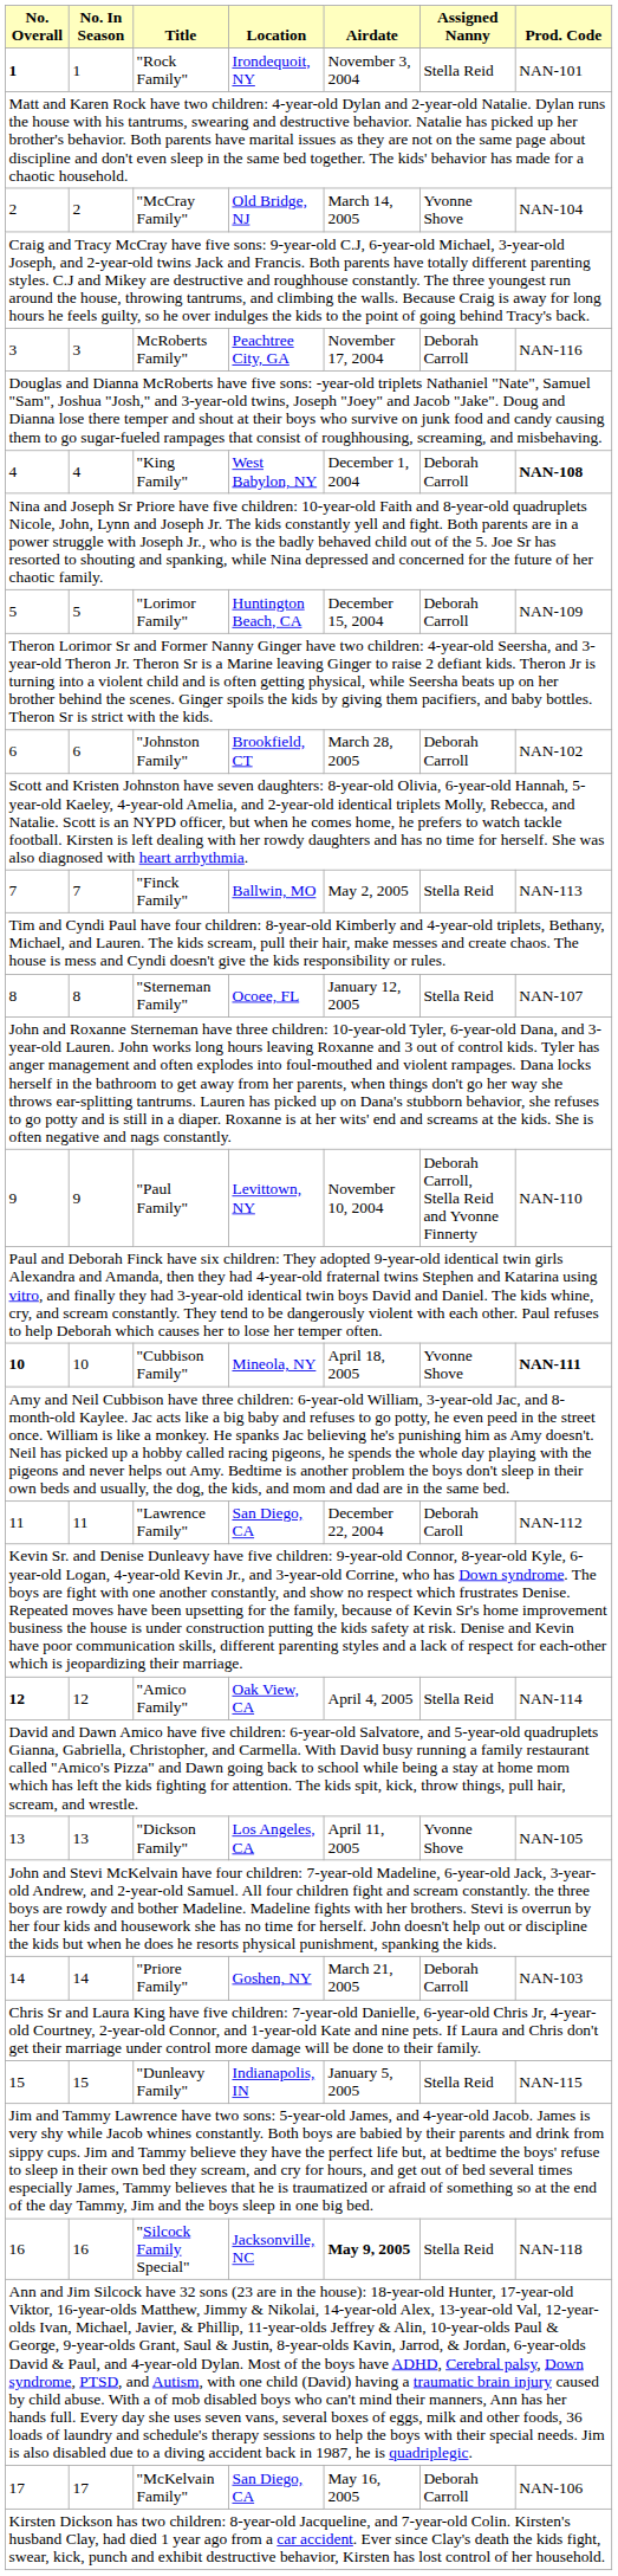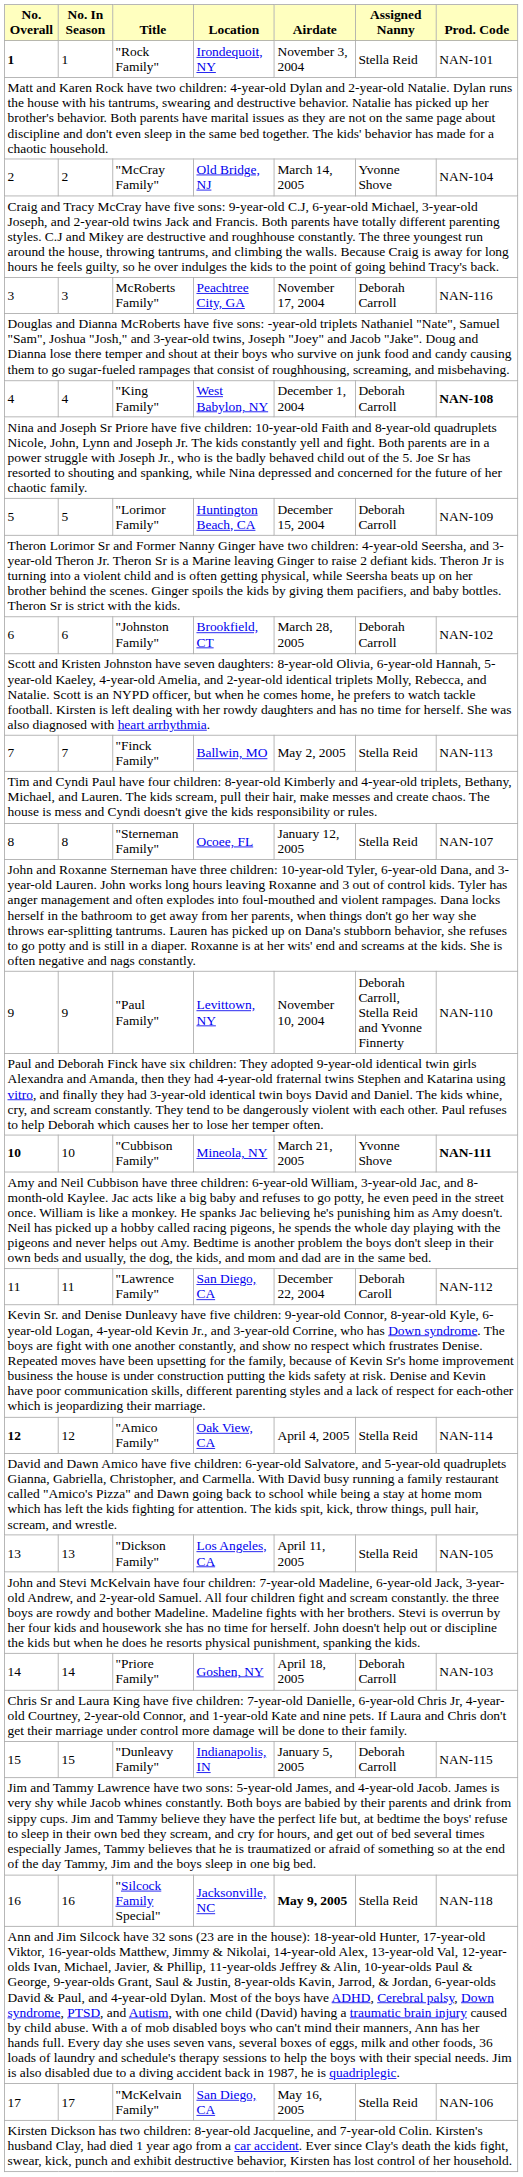 <table class="wikitable plainrowheaders" style="background: #FFFFFF; width:98%">
 <tr>
 <th style="vertical-align: bottom; background: #FFFFBF; width: 10%;">No. Overall</th>
 <th style="vertical-align: bottom; background: #FFFFBF; width: 10%;">No. In Season</th>
 <th style="vertical-align: bottom; background: #FFFFBF; width: 15%;">Title</th>
 <th style="vertical-align: bottom; background: #FFFFBF; width: 15%;">Location</th>
 <th style="vertical-align: bottom; background: #FFFFBF; width: 15%;">Airdate</th>
 <th style="vertical-align: bottom; background: #FFFFBF; width: 15%;">Assigned Nanny</th>
 <th style="vertical-align: bottom; background: #FFFFBF; width: 15%;">Prod. Code</th>
 </tr>
 <tr>
 <td><strong>1</strong></td>
 <td>1</td>
 <td>"Rock Family"</td>
 <td><a href='#'>Irondequoit, NY</a></td>
 <td>November 3, 2004</td>
 <td>Stella Reid</td>
 <td>NAN-101</td>
 </tr>
 <tr>
 <td colspan="7">Matt and Karen Rock have two children: 4-year-old Dylan and 2-year-old Natalie. Dylan runs the house with his tantrums, swearing and destructive behavior. Natalie has picked up her brother's behavior. Both parents have marital issues as they are not on the same page about discipline and don't even sleep in the same bed together. The kids' behavior has made for a chaotic household.</td>
 </tr>
 <tr>
 <td>2</td>
 <td>2</td>
 <td>"McCray Family"</td>
 <td><a href='#'>Old Bridge, NJ</a></td>
 <td>March 14, 2005</td>
 <td>Yvonne Shove</td>
 <td>NAN-104</td>
 </tr>
 <tr>
 <td colspan="7">Craig and Tracy McCray have five sons: 9-year-old C.J, 6-year-old Michael, 3-year-old Joseph, and 2-year-old twins Jack and Francis. Both parents have totally different parenting styles. C.J and Mikey are destructive and roughhouse constantly. The three youngest run around the house, throwing tantrums, and climbing the walls. Because Craig is away for long hours he feels guilty, so he over indulges the kids to the point of going behind Tracy's back.</td>
 </tr>
 <tr>
 <td>3</td>
 <td>3</td>
 <td>McRoberts Family"</td>
 <td><a href='#'>Peachtree City, GA</a></td>
 <td>November 17, 2004</td>
 <td>Deborah Carroll</td>
 <td>NAN-116</td>
 </tr>
 <tr>
 <td colspan="7">Douglas and Dianna McRoberts have five sons: -year-old triplets Nathaniel "Nate", Samuel "Sam", Joshua "Josh," and 3-year-old twins, Joseph "Joey" and Jacob "Jake". Doug and Dianna lose there temper and shout at their boys who survive on junk food and candy causing them to go sugar-fueled rampages that consist of roughhousing, screaming, and misbehaving.</td>
 </tr>
 <tr>
 <td>4</td>
 <td>4</td>
 <td>"King Family"</td>
 <td><a href='#'>West Babylon, NY</a></td>
 <td>December 1, 2004</td>
 <td>Deborah Carroll</td>
 <td><strong>NAN-108</strong></td>
 </tr>
 <tr>
 <td colspan="7">Nina and Joseph Sr Priore have five children: 10-year-old Faith and 8-year-old quadruplets Nicole, John, Lynn and Joseph Jr. The kids constantly yell and fight. Both parents are in a power struggle with Joseph Jr., who is the badly behaved child out of the 5. Joe Sr has resorted to shouting and spanking, while Nina depressed and concerned for the future of her chaotic family.</td>
 </tr>
 <tr>
 <td>5</td>
 <td>5</td>
 <td>"Lorimor Family"</td>
 <td><a href='#'>Huntington Beach, CA</a></td>
 <td>December 15, 2004</td>
 <td>Deborah Carroll</td>
 <td>NAN-109</td>
 </tr>
 <tr>
 <td colspan="7">Theron Lorimor Sr and Former Nanny Ginger have two children: 4-year-old Seersha, and 3-year-old Theron Jr. Theron Sr is a Marine leaving Ginger to raise 2 defiant kids. Theron Jr is turning into a violent child and is often getting physical, while Seersha beats up on her brother behind the scenes. Ginger spoils the kids by giving them pacifiers, and baby bottles. Theron Sr is strict with the kids.</td>
 </tr>
 <tr>
 <td>6</td>
 <td>6</td>
 <td>"Johnston Family"</td>
 <td><a href='#'>Brookfield, CT</a></td>
 <td>March 28, 2005</td>
 <td>Deborah Carroll</td>
 <td>NAN-102</td>
 </tr>
 <tr>
 <td colspan="7">Scott and Kristen Johnston have seven daughters: 8-year-old Olivia, 6-year-old Hannah, 5-year-old Kaeley, 4-year-old Amelia, and 2-year-old identical triplets Molly, Rebecca, and Natalie. Scott is an NYPD officer, but when he comes home, he prefers to watch tackle football. Kirsten is left dealing with her rowdy daughters and has no time for herself. She was also diagnosed with <a href='#'>heart arrhythmia</a>.</td>
 </tr>
 <tr>
 <td>7</td>
 <td>7</td>
 <td>"Finck Family"</td>
 <td><a href='#'>Ballwin, MO</a></td>
 <td>May 2, 2005</td>
 <td>Stella Reid</td>
 <td>NAN-113</td>
 </tr>
 <tr>
 <td colspan="7">Tim and Cyndi Paul have four children: 8-year-old Kimberly and 4-year-old triplets, Bethany, Michael, and Lauren. The kids scream, pull their hair, make messes and create chaos. The house is mess and Cyndi doesn't give the kids responsibility or rules.</td>
 </tr>
 <tr>
 <td>8</td>
 <td>8</td>
 <td>"Sterneman Family"</td>
 <td><a href='#'>Ocoee, FL</a></td>
 <td>January 12, 2005</td>
 <td>Stella Reid</td>
 <td>NAN-107</td>
 </tr>
 <tr>
 <td colspan="7">John and Roxanne Sterneman have three children: 10-year-old Tyler, 6-year-old Dana, and 3-year-old Lauren. John works long hours leaving Roxanne and 3 out of control kids. Tyler has anger management and often explodes into foul-mouthed and violent rampages. Dana locks herself in the bathroom to get away from her parents, when things don't go her way she throws ear-splitting tantrums. Lauren has picked up on Dana's stubborn behavior, she refuses to go potty and is still in a diaper. Roxanne is at her wits' end and screams at the kids. She is often negative and nags constantly.</td>
 </tr>
 <tr>
 <td>9</td>
 <td>9</td>
 <td>"Paul Family"</td>
 <td><a href='#'>Levittown, NY</a></td>
 <td>November 10, 2004</td>
 <td>Deborah Carroll, Stella Reid and Yvonne Finnerty</td>
 <td>NAN-110</td>
 </tr>
 <tr>
 <td colspan="7">Paul and Deborah Finck have six children: They adopted 9-year-old identical twin girls Alexandra and Amanda, then they had 4-year-old fraternal twins Stephen and Katarina using <a href='#'>vitro</a>, and finally they had 3-year-old identical twin boys David and Daniel. The kids whine, cry, and scream constantly. They tend to be dangerously violent with each other. Paul refuses to help Deborah which causes her to lose her temper often.</td>
 </tr>
 <tr>
 <td><strong>10</strong></td>
 <td>10</td>
 <td>"Cubbison Family"</td>
 <td><a href='#'>Mineola, NY</a></td>
-<td>April 18, 2005</td>
+<td>March 21, 2005</td>
 <td>Yvonne Shove</td>
 <td><strong>NAN-111</strong></td>
 </tr>
 <tr>
 <td colspan="7">Amy and Neil Cubbison have three children: 6-year-old William, 3-year-old Jac, and 8-month-old Kaylee. Jac acts like a big baby and refuses to go potty, he even peed in the street once. William is like a monkey. He spanks Jac believing he's punishing him as Amy doesn't. Neil has picked up a hobby called racing pigeons, he spends the whole day playing with the pigeons and never helps out Amy. Bedtime is another problem the boys don't sleep in their own beds and usually, the dog, the kids, and mom and dad are in the same bed.</td>
 </tr>
 <tr>
 <td>11</td>
 <td>11</td>
 <td>"Lawrence Family"</td>
 <td><a href='#'>San Diego, CA</a></td>
 <td>December 22, 2004</td>
 <td>Deborah Caroll</td>
 <td>NAN-112</td>
 </tr>
 <tr>
 <td colspan="7">Kevin Sr. and Denise Dunleavy have five children: 9-year-old Connor, 8-year-old Kyle, 6-year-old Logan, 4-year-old Kevin Jr., and 3-year-old Corrine, who has <a href='#'>Down syndrome</a>. The boys are fight with one another constantly, and show no respect which frustrates Denise. Repeated moves have been upsetting for the family, because of Kevin Sr's home improvement business the house is under construction putting the kids safety at risk. Denise and Kevin have poor communication skills, different parenting styles and a lack of respect for each-other which is jeopardizing their marriage.</td>
 </tr>
 <tr>
 <td><strong>12</strong></td>
 <td>12</td>
 <td>"Amico Family"</td>
 <td><a href='#'>Oak View, CA</a></td>
 <td>April 4, 2005</td>
 <td>Stella Reid</td>
 <td>NAN-114</td>
 </tr>
 <tr>
 <td colspan="7">David and Dawn Amico have five children: 6-year-old Salvatore, and 5-year-old quadruplets Gianna, Gabriella, Christopher, and Carmella. With David busy running a family restaurant called "Amico's Pizza" and Dawn going back to school while being a stay at home mom which has left the kids fighting for attention. The kids spit, kick, throw things, pull hair, scream, and wrestle.</td>
 </tr>
 <tr>
 <td>13</td>
 <td>13</td>
 <td>"Dickson Family"</td>
 <td><a href='#'>Los Angeles, CA</a></td>
 <td>April 11, 2005</td>
-<td>Yvonne Shove</td>
+<td>Stella Reid</td>
 <td>NAN-105</td>
 </tr>
 <tr>
 <td colspan="7">John and Stevi McKelvain have four children: 7-year-old Madeline, 6-year-old Jack, 3-year-old Andrew, and 2-year-old Samuel. All four children  fight and scream constantly. the three boys are rowdy and bother Madeline. Madeline fights with her brothers. Stevi is overrun by her four kids and housework she has no time for herself. John doesn't help out or discipline the kids but when he does he resorts physical punishment, spanking the kids.</td>
 </tr>
 <tr>
 <td>14</td>
 <td>14</td>
 <td>"Priore Family"</td>
 <td><a href='#'>Goshen, NY</a></td>
-<td>March 21, 2005</td>
+<td>April 18, 2005</td>
 <td>Deborah Carroll</td>
 <td>NAN-103</td>
 </tr>
 <tr>
 <td colspan="7">Chris Sr and Laura King have five children: 7-year-old Danielle, 6-year-old Chris Jr, 4-year-old Courtney, 2-year-old Connor, and 1-year-old Kate and nine pets. If Laura and Chris don't get their marriage under control more damage will be done to their family.</td>
 </tr>
 <tr>
 <td>15</td>
 <td>15</td>
 <td>"Dunleavy Family"</td>
 <td><a href='#'>Indianapolis, IN</a></td>
 <td>January 5, 2005</td>
-<td>Stella Reid</td>
+<td>Deborah Carroll</td>
 <td>NAN-115</td>
 </tr>
 <tr>
 <td colspan="7">Jim and Tammy Lawrence have two sons: 5-year-old James, and 4-year-old Jacob. James is very shy while Jacob whines constantly. Both boys are babied by their parents and drink from sippy cups. Jim and Tammy believe they have the perfect life but, at bedtime the boys' refuse to sleep in their own bed they scream, and cry for hours, and get out of bed several times especially James, Tammy believes that he is traumatized or afraid of something so at the end of the day Tammy, Jim and the boys sleep in one big bed.</td>
 </tr>
 <tr>
 <td>16</td>
 <td>16</td>
 <td>"<a href='#'>Silcock Family</a> Special"</td>
 <td><a href='#'>Jacksonville, NC</a></td>
 <td><strong>May 9, 2005</strong></td>
 <td>Stella Reid</td>
 <td>NAN-118</td>
 </tr>
 <tr>
 <td colspan="7">Ann and Jim Silcock have 32 sons (23 are in the house): 18-year-old Hunter, 17-year-old Viktor, 16-year-olds Matthew, Jimmy & Nikolai, 14-year-old Alex, 13-year-old Val, 12-year-olds Ivan, Michael, Javier, & Phillip, 11-year-olds Jeffrey & Alin, 10-year-olds Paul & George, 9-year-olds Grant, Saul & Justin, 8-year-olds Kavin, Jarrod, & Jordan, 6-year-olds David & Paul, and 4-year-old Dylan. Most of the boys have <a href='#'>ADHD</a>, <a href='#'>Cerebral palsy</a>, <a href='#'>Down syndrome</a>, <a href='#'>PTSD</a>, and <a href='#'>Autism</a>, with one child (David) having a <a href='#'>traumatic brain injury</a> caused by child abuse. With a of mob disabled boys who can't mind their manners, Ann has her hands full. Every day she uses seven vans, several boxes of eggs, milk and other foods, 36 loads of laundry and schedule's therapy sessions to help the boys with their special needs. Jim is also disabled due to a diving accident back in 1987, he is <a href='#'>quadriplegic</a>.</td>
 </tr>
 <tr>
 <td>17</td>
 <td>17</td>
 <td>"McKelvain Family"</td>
 <td><a href='#'>San Diego, CA</a></td>
 <td>May 16, 2005</td>
-<td>Deborah Carroll</td>
+<td>Stella Reid</td>
 <td>NAN-106</td>
 </tr>
 <tr>
 <td colspan="7">Kirsten Dickson has two children: 8-year-old Jacqueline, and 7-year-old Colin. Kirsten's husband Clay, had died 1 year ago from a <a href='#'>car accident</a>. Ever since Clay's death the kids fight, swear, kick, punch and exhibit destructive behavior, Kirsten has lost control of her household.</td>
 </tr>
 </table>
